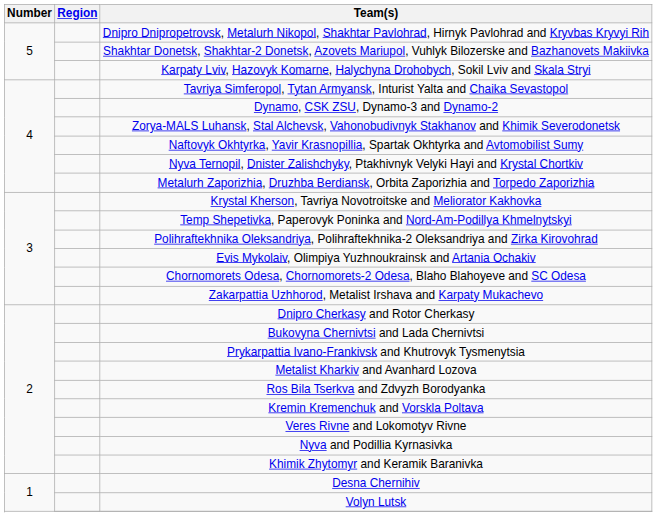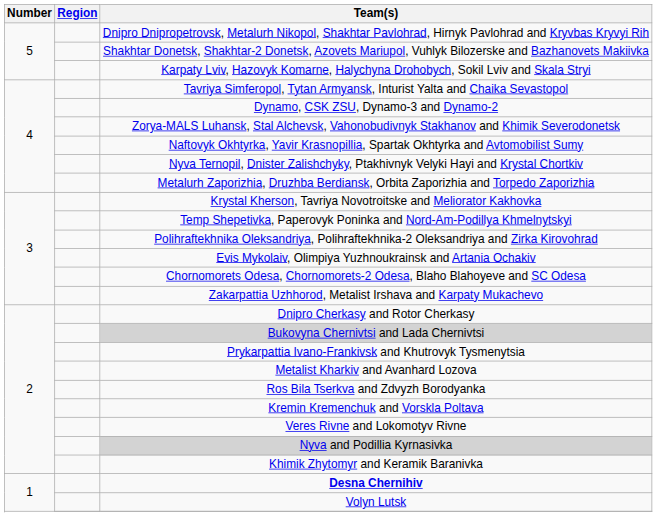 <table class="wikitable" style="text-align:center">
 <tr>
 <th>Number</th>
 <th><a href='#'>Region</a></th>
 <th>Team(s)</th>
 </tr>
 <tr>
 <td rowspan="3">5</td>
 <td align="left"></td>
 <td><a href='#'>Dnipro Dnipropetrovsk</a>, <a href='#'>Metalurh Nikopol</a>, <a href='#'>Shakhtar Pavlohrad</a>, Hirnyk Pavlohrad and <a href='#'>Kryvbas Kryvyi Rih</a></td>
 </tr>
 <tr>
 <td align="left"></td>
 <td><a href='#'>Shakhtar Donetsk</a>, <a href='#'>Shakhtar-2 Donetsk</a>, <a href='#'>Azovets Mariupol</a>, Vuhlyk Bilozerske and <a href='#'>Bazhanovets Makiivka</a></td>
 </tr>
 <tr>
 <td align="left"></td>
 <td><a href='#'>Karpaty Lviv</a>, <a href='#'>Hazovyk Komarne</a>, <a href='#'>Halychyna Drohobych</a>, Sokil Lviv and <a href='#'>Skala Stryi</a></td>
 </tr>
 <tr>
 <td rowspan="6">4</td>
 <td align="left"></td>
 <td><a href='#'>Tavriya Simferopol</a>, <a href='#'>Tytan Armyansk</a>, Inturist Yalta and <a href='#'>Chaika Sevastopol</a></td>
 </tr>
 <tr>
 <td align="left"></td>
 <td><a href='#'>Dynamo</a>, <a href='#'>CSK ZSU</a>, Dynamo-3 and <a href='#'>Dynamo-2</a></td>
 </tr>
 <tr>
 <td align="left"></td>
 <td><a href='#'>Zorya-MALS Luhansk</a>, <a href='#'>Stal Alchevsk</a>, <a href='#'>Vahonobudivnyk Stakhanov</a> and <a href='#'>Khimik Severodonetsk</a></td>
 </tr>
 <tr>
 <td align="left"></td>
 <td><a href='#'>Naftovyk Okhtyrka</a>, <a href='#'>Yavir Krasnopillia</a>, Spartak Okhtyrka and <a href='#'>Avtomobilist Sumy</a></td>
 </tr>
 <tr>
 <td align="left"></td>
 <td><a href='#'>Nyva Ternopil</a>, <a href='#'>Dnister Zalishchyky</a>, Ptakhivnyk Velyki Hayi and <a href='#'>Krystal Chortkiv</a></td>
 </tr>
 <tr>
 <td align="left"></td>
 <td><a href='#'>Metalurh Zaporizhia</a>, <a href='#'>Druzhba Berdiansk</a>, Orbita Zaporizhia and <a href='#'>Torpedo Zaporizhia</a></td>
 </tr>
 <tr>
 <td rowspan="6">3</td>
 <td align="left"></td>
 <td><a href='#'>Krystal Kherson</a>, Tavriya Novotroitske and <a href='#'>Meliorator Kakhovka</a></td>
 </tr>
 <tr>
 <td align="left"></td>
 <td><a href='#'>Temp Shepetivka</a>, Paperovyk Poninka and <a href='#'>Nord-Am-Podillya Khmelnytskyi</a></td>
 </tr>
 <tr>
 <td align="left"></td>
 <td><a href='#'>Polihraftekhnika Oleksandriya</a>, Polihraftekhnika-2 Oleksandriya and <a href='#'>Zirka Kirovohrad</a></td>
 </tr>
 <tr>
 <td align="left"></td>
 <td><a href='#'>Evis Mykolaiv</a>, Olimpiya Yuzhnoukrainsk and <a href='#'>Artania Ochakiv</a></td>
 </tr>
 <tr>
 <td align="left"></td>
 <td><a href='#'>Chornomorets Odesa</a>, <a href='#'>Chornomorets-2 Odesa</a>, Blaho Blahoyeve and <a href='#'>SC Odesa</a></td>
 </tr>
 <tr>
 <td align="left"></td>
 <td><a href='#'>Zakarpattia Uzhhorod</a>, Metalist Irshava and <a href='#'>Karpaty Mukachevo</a></td>
 </tr>
 <tr>
 <td rowspan="9">2</td>
 <td align="left"></td>
 <td><a href='#'>Dnipro Cherkasy</a> and Rotor Cherkasy</td>
 </tr>
 <tr>
 <td align="left"></td>
-<td><a href='#'>Bukovyna Chernivtsi</a> and Lada Chernivtsi</td>
+<td style="background: lightgrey;"><a href='#'>Bukovyna Chernivtsi</a> and Lada Chernivtsi</td>
 </tr>
 <tr>
 <td align="left"></td>
 <td><a href='#'>Prykarpattia Ivano-Frankivsk</a> and Khutrovyk Tysmenytsia</td>
 </tr>
 <tr>
 <td align="left"></td>
 <td><a href='#'>Metalist Kharkiv</a> and Avanhard Lozova</td>
 </tr>
 <tr>
 <td align="left"></td>
 <td><a href='#'>Ros Bila Tserkva</a> and Zdvyzh Borodyanka</td>
 </tr>
 <tr>
 <td align="left"></td>
 <td><a href='#'>Kremin Kremenchuk</a> and <a href='#'>Vorskla Poltava</a></td>
 </tr>
 <tr>
 <td align="left"></td>
 <td><a href='#'>Veres Rivne</a> and Lokomotyv Rivne</td>
 </tr>
 <tr>
 <td align="left"></td>
-<td><a href='#'>Nyva</a> and Podillia Kyrnasivka</td>
+<td style="background: lightgrey;"><a href='#'>Nyva</a> and Podillia Kyrnasivka</td>
 </tr>
 <tr>
 <td align="left"></td>
 <td><a href='#'>Khimik Zhytomyr</a> and Keramik Baranivka</td>
 </tr>
 <tr>
 <td rowspan="30">1</td>
 <td align="left"></td>
-<td><a href='#'>Desna Chernihiv</a></td>
+<td><strong><a href='#'>Desna Chernihiv</a></strong></td>
 </tr>
 <tr>
 <td align="left"></td>
 <td><a href='#'>Volyn Lutsk</a></td>
 </tr>
 <tr>
 </tr>
 </table>
